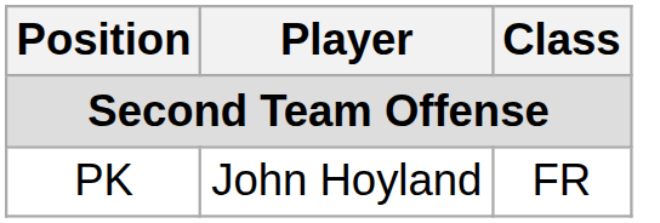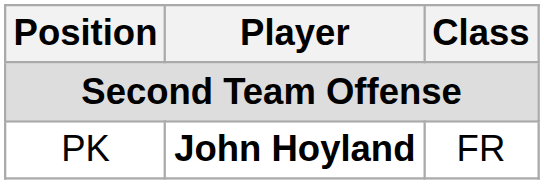 <table class="wikitable" border="0">
 <tr>
 <th>Position</th>
 <th>Player</th>
 <th>Class</th>
 </tr>
 <tr>
 <td colspan="3" style="text-align:center; background:#ddd;"><strong>Second Team Offense</strong></td>
 </tr>
 <tr style="text-align:center;">
 <td style="background:white">PK</td>
-<td style="background:white">John Hoyland</td>
+<td style="background:white"><strong>John Hoyland</strong></td>
 <td style="background:white">FR</td>
 </tr>
 </table>
